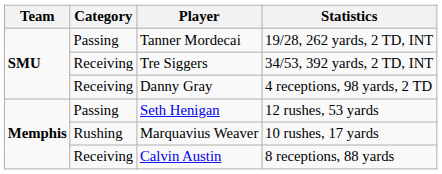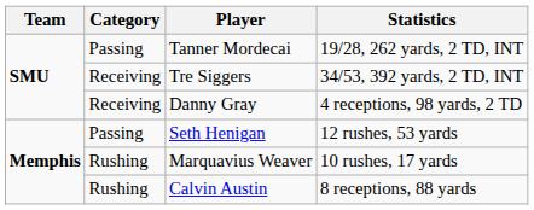 <table class="wikitable" style="float: left;">
 <tr>
 <th>Team</th>
 <th>Category</th>
 <th>Player</th>
 <th>Statistics</th>
 </tr>
 <tr>
 <td rowspan=3><strong>SMU</strong></td>
 <td>Passing</td>
 <td>Tanner Mordecai</td>
 <td>19/28, 262 yards, 2 TD, INT</td>
 </tr>
 <tr>
 <td>Receiving</td>
 <td>Tre Siggers</td>
 <td>34/53, 392 yards, 2 TD, INT</td>
 </tr>
 <tr>
 <td>Receiving</td>
 <td>Danny Gray</td>
 <td>4 receptions, 98 yards, 2 TD</td>
 </tr>
 <tr>
 <td rowspan=3><strong>Memphis</strong></td>
 <td>Passing</td>
 <td><a href='#'>Seth Henigan</a></td>
 <td>12 rushes, 53 yards</td>
 </tr>
 <tr>
 <td>Rushing</td>
 <td>Marquavius Weaver</td>
 <td>10 rushes, 17 yards</td>
 </tr>
 <tr>
-<td>Receiving</td>
+<td>Rushing</td>
 <td><a href='#'>Calvin Austin</a></td>
 <td>8 receptions, 88 yards</td>
 </tr>
 </table>
